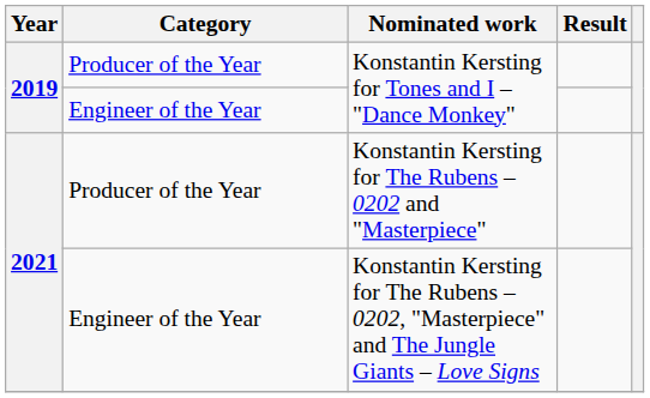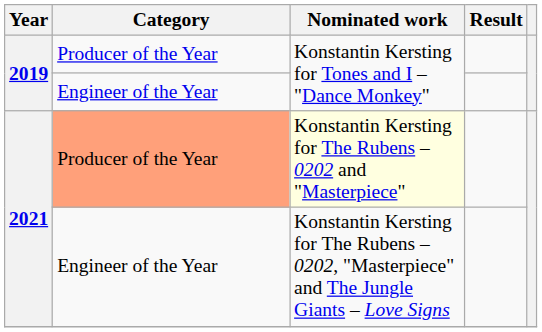 <table class="wikitable plainrowheaders" style="width:70%;">
 <tr>
 <th scope="col" style="width:4%;">Year</th>
 <th scope="col" style="width:50%;">Category</th>
 <th scope="col" style="width:35%;">Nominated work</th>
 <th scope="col" style="width:6%;">Result</th>
 <th></th>
 </tr>
 <tr>
 <th rowspan="2"><a href='#'>2019</a></th>
 <td><a href='#'>Producer of the Year</a></td>
 <td rowspan="2">Konstantin Kersting for <a href='#'>Tones and I</a> – "<a href='#'>Dance Monkey</a>"</td>
 <td></td>
 <th rowspan="2"></th>
 </tr>
 <tr>
 <td><a href='#'>Engineer of the Year</a></td>
 <td></td>
 </tr>
 <tr>
 <th rowspan="2"><a href='#'>2021</a></th>
-<td>Producer of the Year</td>
-<td>Konstantin Kersting for <a href='#'>The Rubens</a> – <em><a href='#'>0202</a></em> and "<a href='#'>Masterpiece</a>"</td>
+<td style="background: lightsalmon;">Producer of the Year</td>
+<td style="background: lightyellow;">Konstantin Kersting for <a href='#'>The Rubens</a> – <em><a href='#'>0202</a></em> and "<a href='#'>Masterpiece</a>"</td>
 <td></td>
 <th rowspan="2"></th>
 </tr>
 <tr>
 <td>Engineer of the Year</td>
 <td>Konstantin Kersting for The Rubens – <em>0202</em>, "Masterpiece" and <a href='#'>The Jungle Giants</a> – <em><a href='#'>Love Signs</a></em></td>
 <td></td>
 </tr>
 <tr>
 </tr>
 </table>
